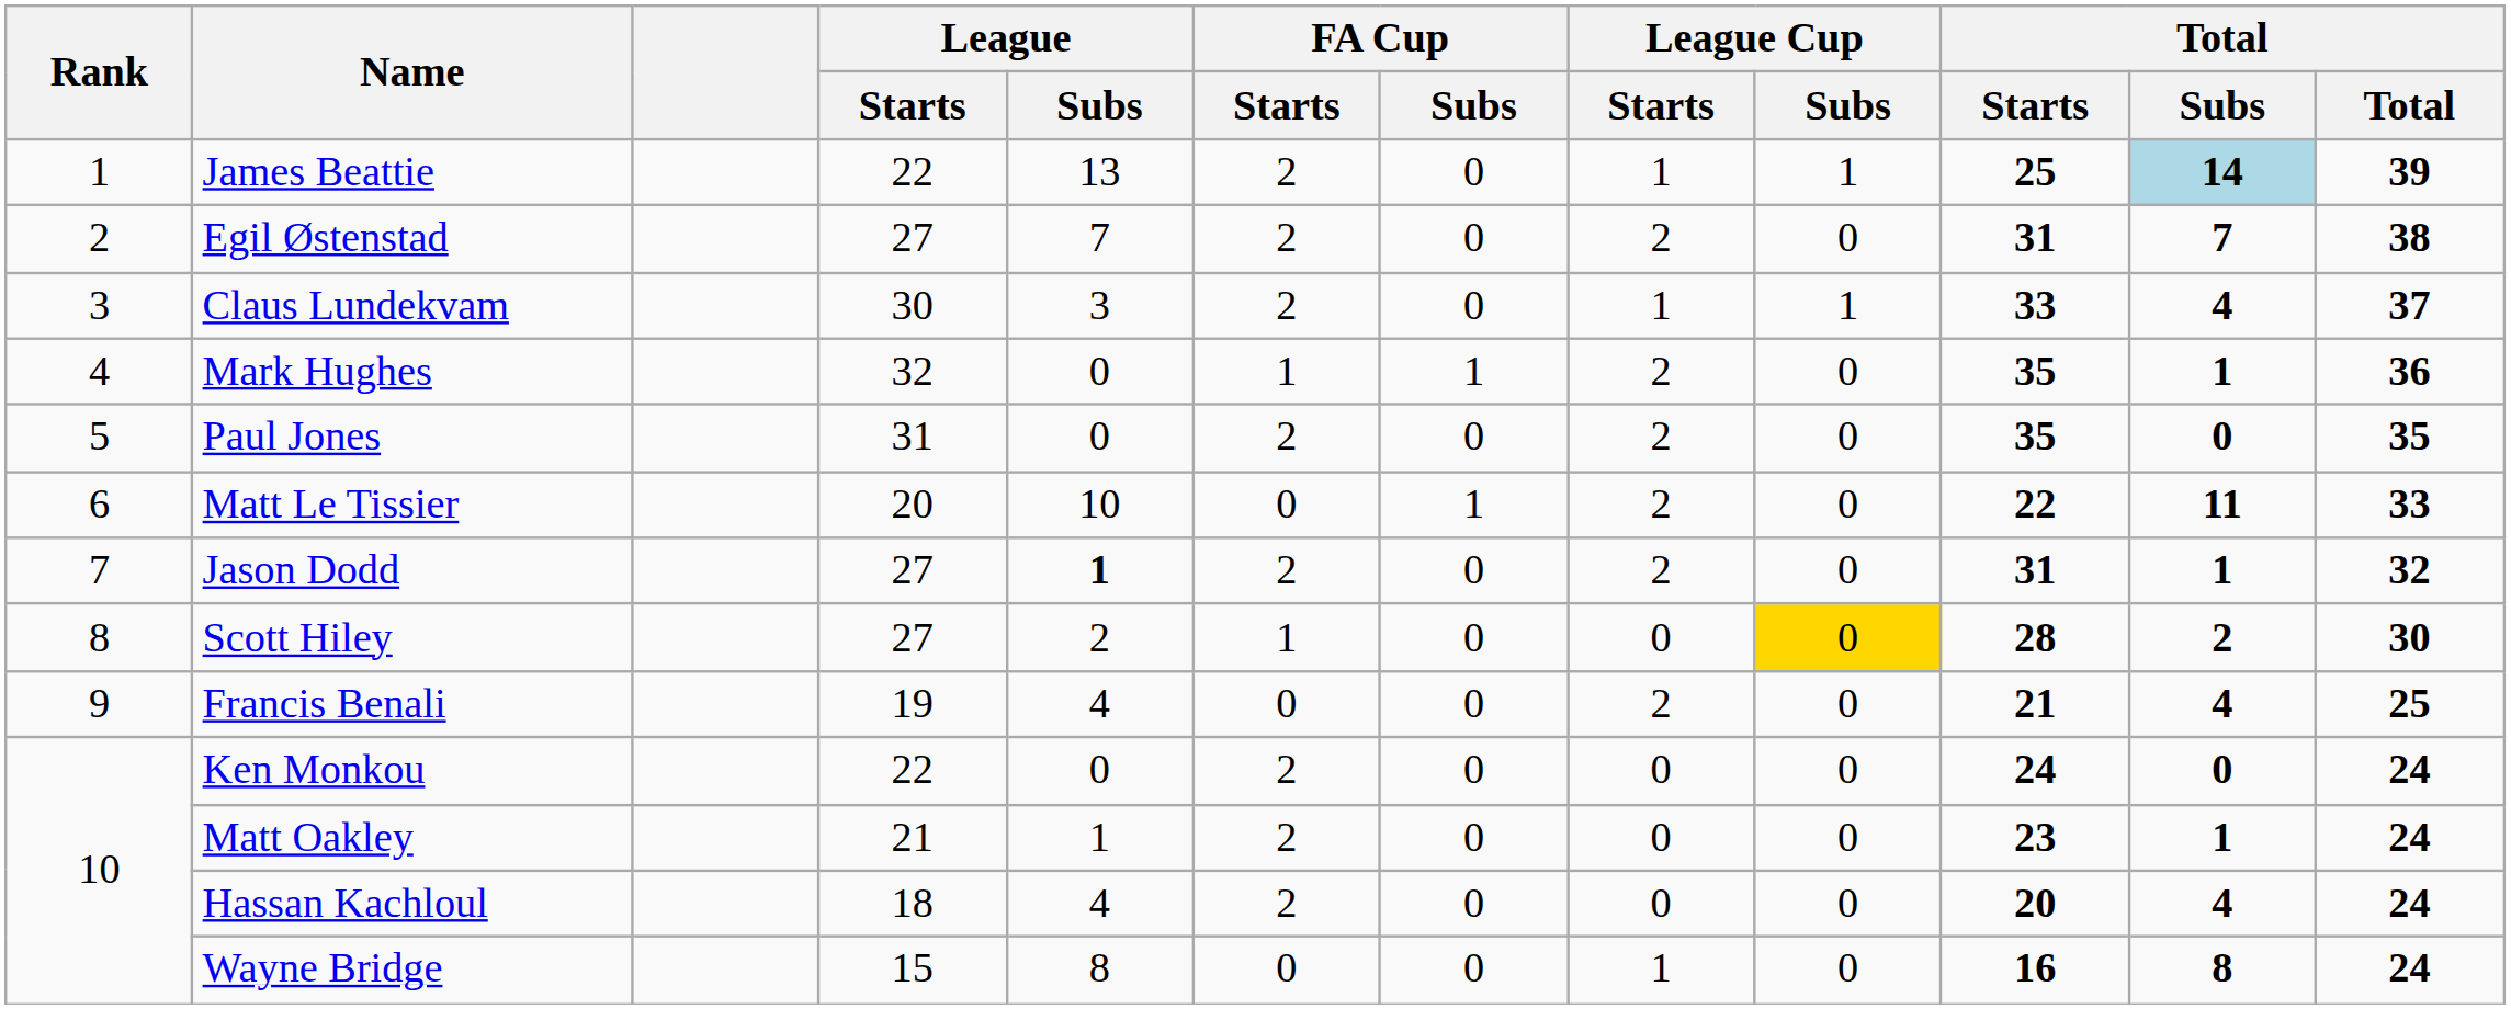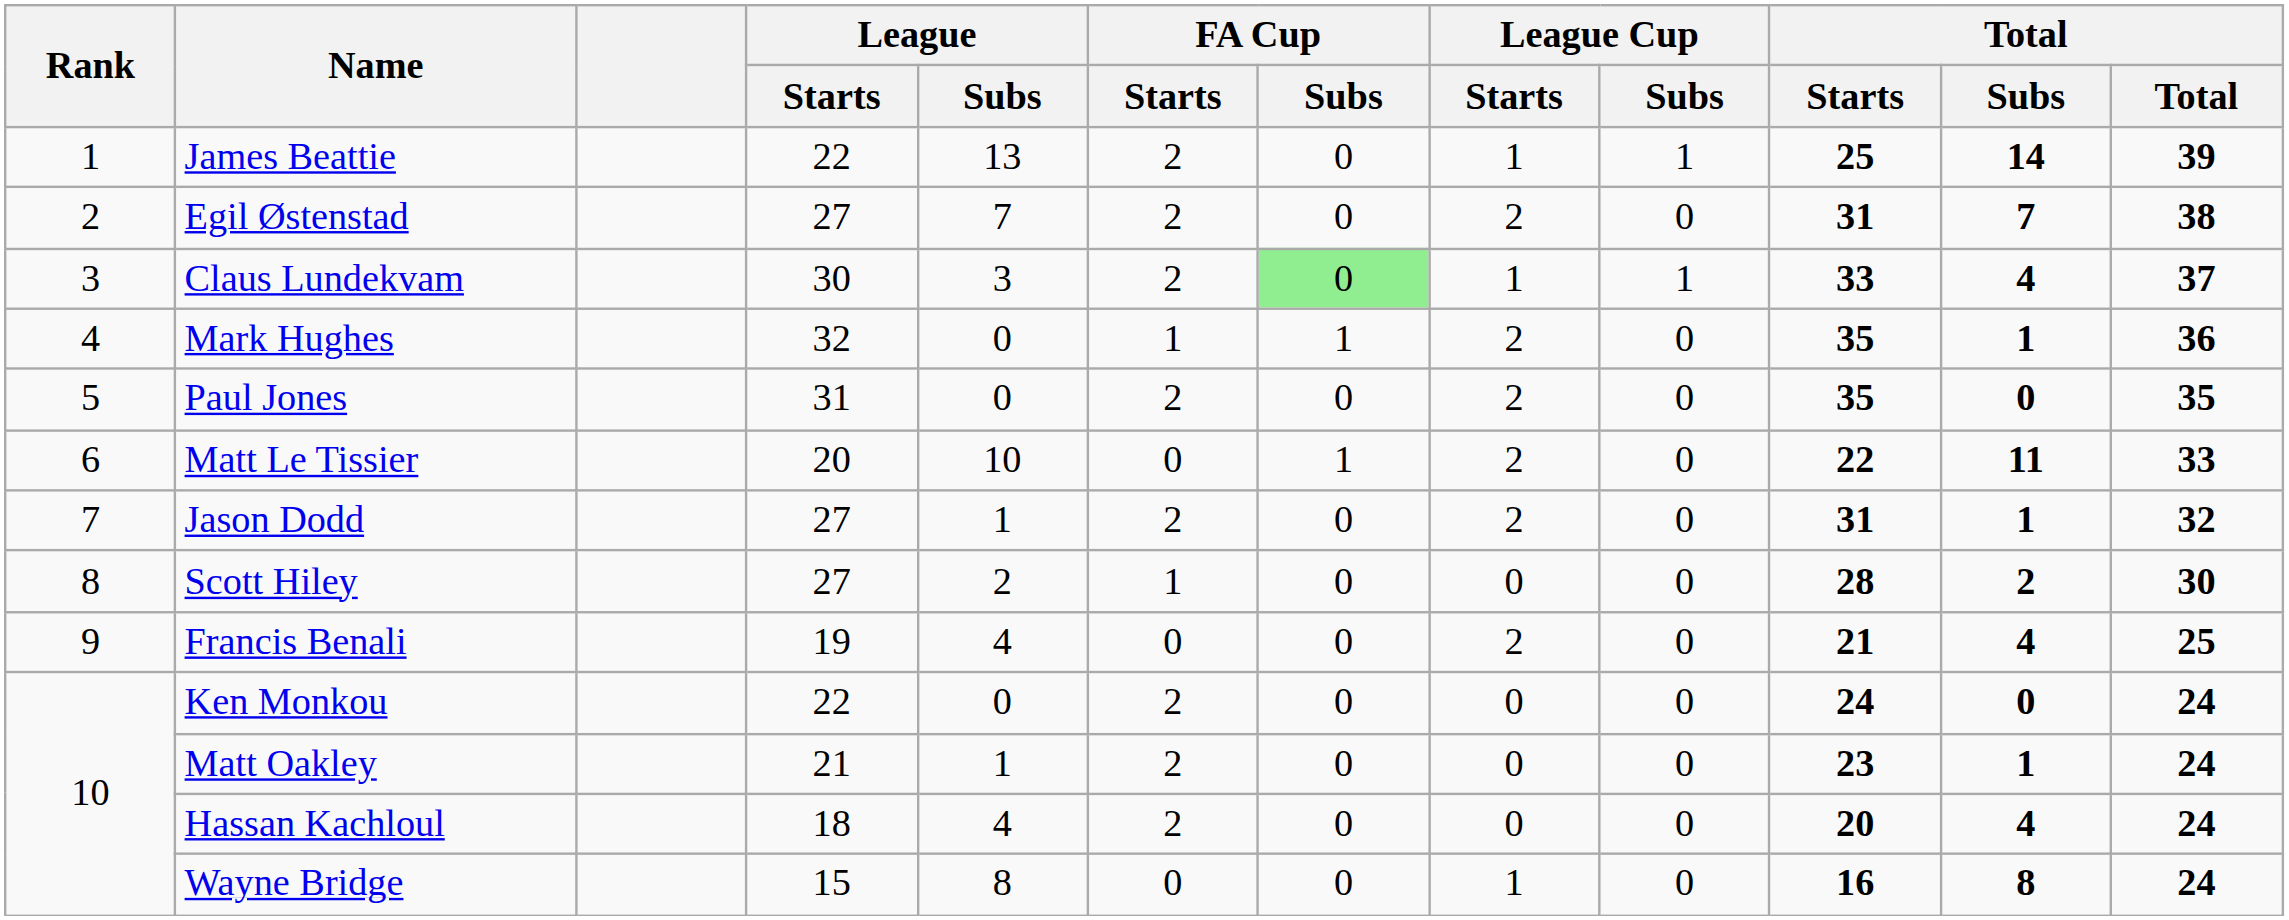 <table class="wikitable plainrowheaders" style="text-align:center;">
 <tr>
 <th scope="col" rowspan="2" style="width:4em;">Rank</th>
 <th scope="col" rowspan="2" style="width:10em;">Name</th>
 <th scope="col" rowspan="2" style="width:4em;"></th>
 <th scope="col" colspan="2">League</th>
 <th scope="col" colspan="2">FA Cup</th>
 <th scope="col" colspan="2">League Cup</th>
 <th scope="col" colspan="3">Total</th>
 </tr>
 <tr>
 <th scope="col" style="width:4em;">Starts</th>
 <th scope="col" style="width:4em;">Subs</th>
 <th scope="col" style="width:4em;">Starts</th>
 <th scope="col" style="width:4em;">Subs</th>
 <th scope="col" style="width:4em;">Starts</th>
 <th scope="col" style="width:4em;">Subs</th>
 <th scope="col" style="width:4em;">Starts</th>
 <th scope="col" style="width:4em;">Subs</th>
 <th scope="col" style="width:4em;">Total</th>
 </tr>
 <tr>
 <td>1</td>
 <td align="left"><a href='#'>James Beattie</a></td>
 <td></td>
 <td>22</td>
 <td>13</td>
 <td>2</td>
 <td>0</td>
 <td>1</td>
 <td>1</td>
 <td><strong>25</strong></td>
-<td style="background: lightblue;"><strong>14</strong></td>
+<td><strong>14</strong></td>
 <td><strong>39</strong></td>
 </tr>
 <tr>
 <td>2</td>
 <td align="left"><a href='#'>Egil Østenstad</a></td>
 <td></td>
 <td>27</td>
 <td>7</td>
 <td>2</td>
 <td>0</td>
 <td>2</td>
 <td>0</td>
 <td><strong>31</strong></td>
 <td><strong>7</strong></td>
 <td><strong>38</strong></td>
 </tr>
 <tr>
 <td>3</td>
 <td align="left"><a href='#'>Claus Lundekvam</a></td>
 <td></td>
 <td>30</td>
 <td>3</td>
 <td>2</td>
-<td>0</td>
+<td style="background: lightgreen;">0</td>
 <td>1</td>
 <td>1</td>
 <td><strong>33</strong></td>
 <td><strong>4</strong></td>
 <td><strong>37</strong></td>
 </tr>
 <tr>
 <td>4</td>
 <td align="left"><a href='#'>Mark Hughes</a></td>
 <td></td>
 <td>32</td>
 <td>0</td>
 <td>1</td>
 <td>1</td>
 <td>2</td>
 <td>0</td>
 <td><strong>35</strong></td>
 <td><strong>1</strong></td>
 <td><strong>36</strong></td>
 </tr>
 <tr>
 <td>5</td>
 <td align="left"><a href='#'>Paul Jones</a></td>
 <td></td>
 <td>31</td>
 <td>0</td>
 <td>2</td>
 <td>0</td>
 <td>2</td>
 <td>0</td>
 <td><strong>35</strong></td>
 <td><strong>0</strong></td>
 <td><strong>35</strong></td>
 </tr>
 <tr>
 <td>6</td>
 <td align="left"><a href='#'>Matt Le Tissier</a></td>
 <td></td>
 <td>20</td>
 <td>10</td>
 <td>0</td>
 <td>1</td>
 <td>2</td>
 <td>0</td>
 <td><strong>22</strong></td>
 <td><strong>11</strong></td>
 <td><strong>33</strong></td>
 </tr>
 <tr>
 <td>7</td>
 <td align="left"><a href='#'>Jason Dodd</a></td>
 <td></td>
 <td>27</td>
-<td><strong>1</strong></td>
+<td>1</td>
 <td>2</td>
 <td>0</td>
 <td>2</td>
 <td>0</td>
 <td><strong>31</strong></td>
 <td><strong>1</strong></td>
 <td><strong>32</strong></td>
 </tr>
 <tr>
 <td>8</td>
 <td align="left"><a href='#'>Scott Hiley</a></td>
 <td></td>
 <td>27</td>
 <td>2</td>
 <td>1</td>
 <td>0</td>
 <td>0</td>
-<td style="background: gold;">0</td>
+<td>0</td>
 <td><strong>28</strong></td>
 <td><strong>2</strong></td>
 <td><strong>30</strong></td>
 </tr>
 <tr>
 <td>9</td>
 <td align="left"><a href='#'>Francis Benali</a></td>
 <td></td>
 <td>19</td>
 <td>4</td>
 <td>0</td>
 <td>0</td>
 <td>2</td>
 <td>0</td>
 <td><strong>21</strong></td>
 <td><strong>4</strong></td>
 <td><strong>25</strong></td>
 </tr>
 <tr>
 <td rowspan="4">10</td>
 <td align="left"><a href='#'>Ken Monkou</a></td>
 <td></td>
 <td>22</td>
 <td>0</td>
 <td>2</td>
 <td>0</td>
 <td>0</td>
 <td>0</td>
 <td><strong>24</strong></td>
 <td><strong>0</strong></td>
 <td><strong>24</strong></td>
 </tr>
 <tr>
 <td align="left"><a href='#'>Matt Oakley</a></td>
 <td></td>
 <td>21</td>
 <td>1</td>
 <td>2</td>
 <td>0</td>
 <td>0</td>
 <td>0</td>
 <td><strong>23</strong></td>
 <td><strong>1</strong></td>
 <td><strong>24</strong></td>
 </tr>
 <tr>
 <td align="left"><a href='#'>Hassan Kachloul</a></td>
 <td></td>
 <td>18</td>
 <td>4</td>
 <td>2</td>
 <td>0</td>
 <td>0</td>
 <td>0</td>
 <td><strong>20</strong></td>
 <td><strong>4</strong></td>
 <td><strong>24</strong></td>
 </tr>
 <tr>
 <td align="left"><a href='#'>Wayne Bridge</a></td>
 <td></td>
 <td>15</td>
 <td>8</td>
 <td>0</td>
 <td>0</td>
 <td>1</td>
 <td>0</td>
 <td><strong>16</strong></td>
 <td><strong>8</strong></td>
 <td><strong>24</strong></td>
 </tr>
 </table>
